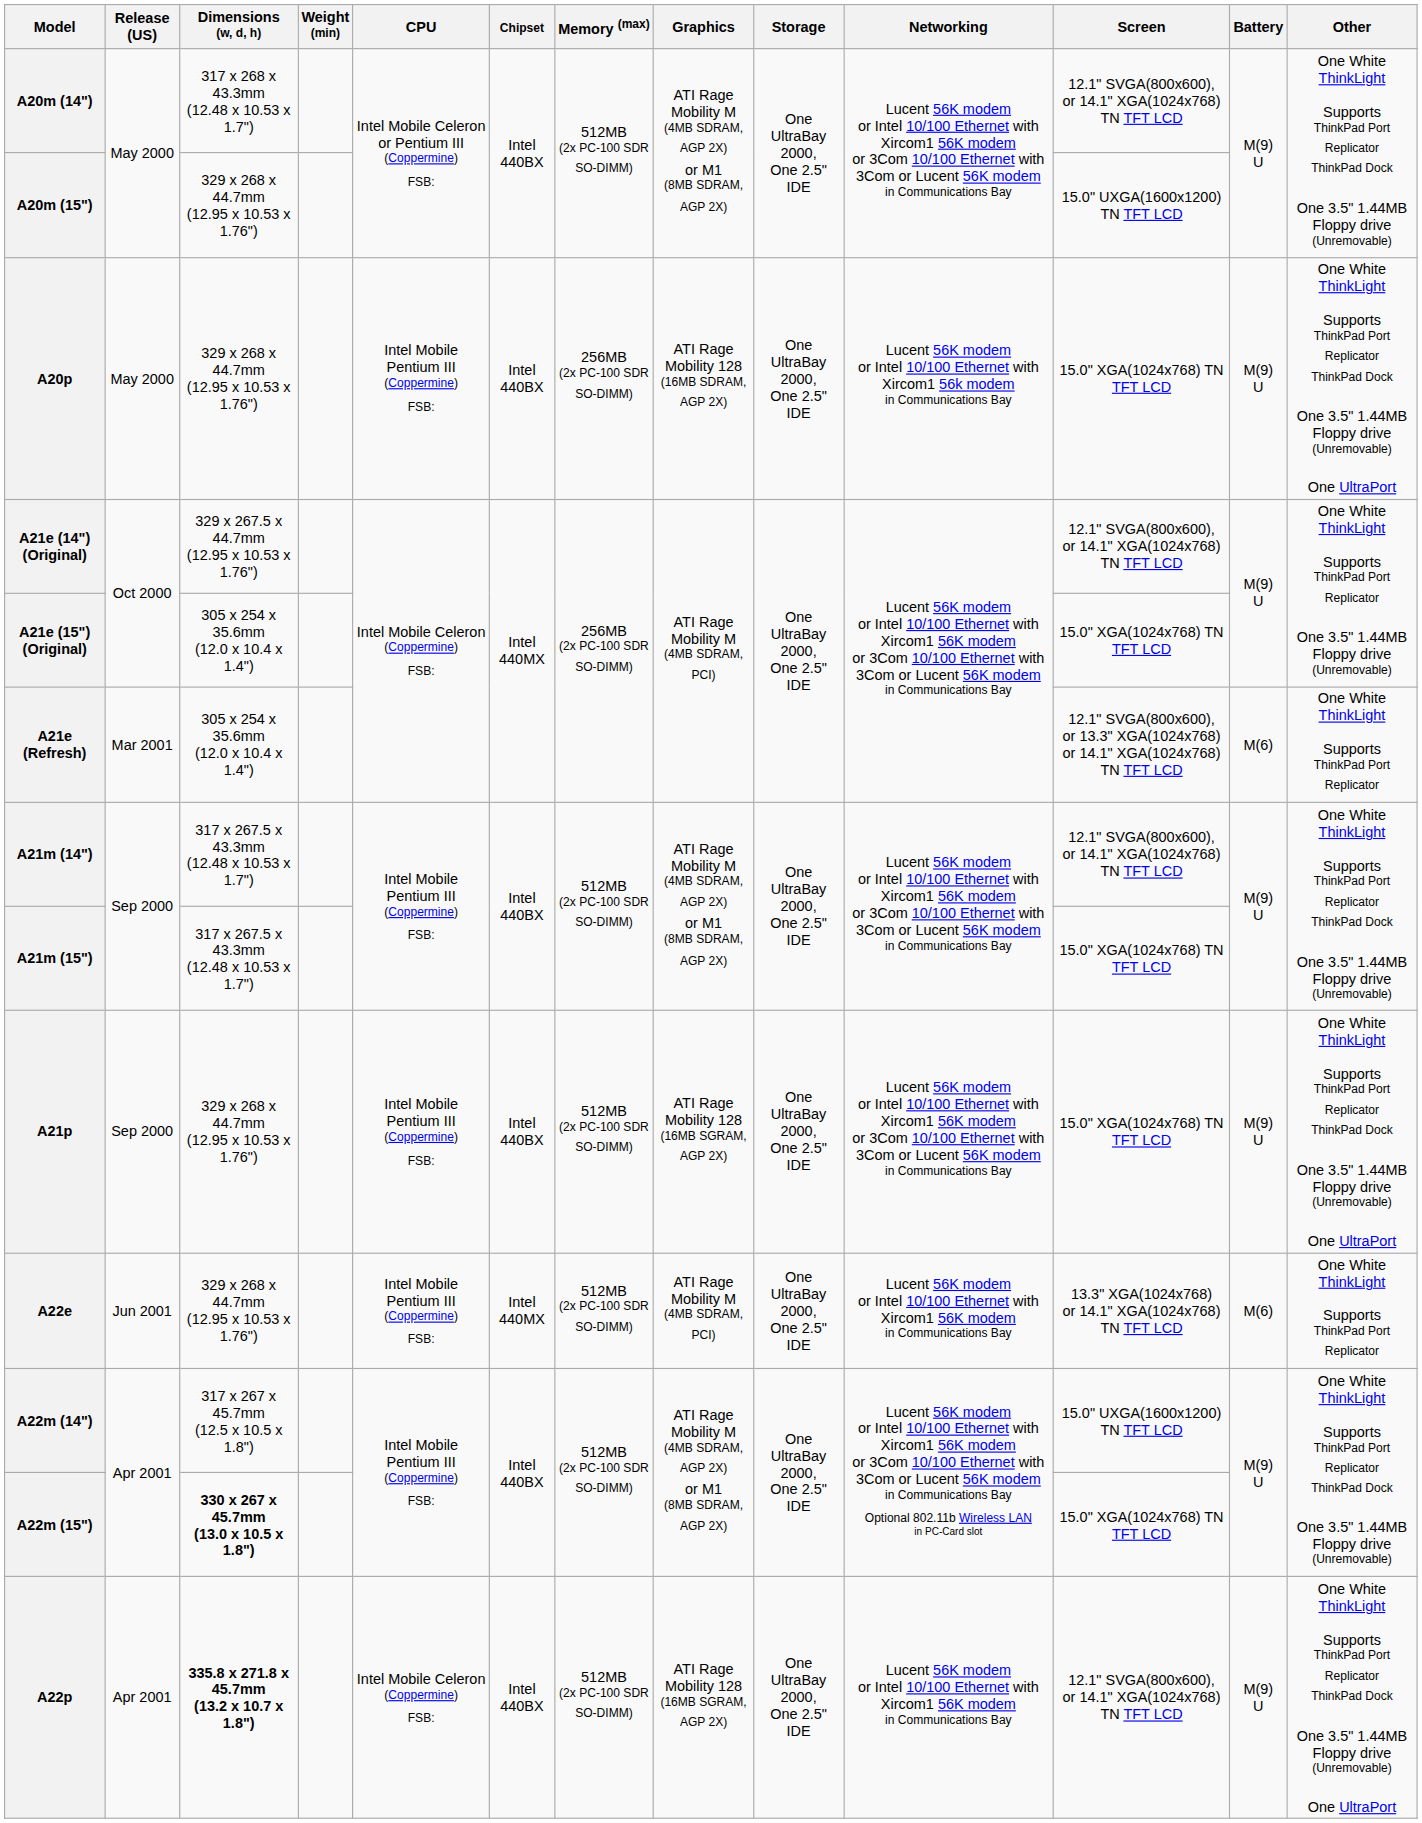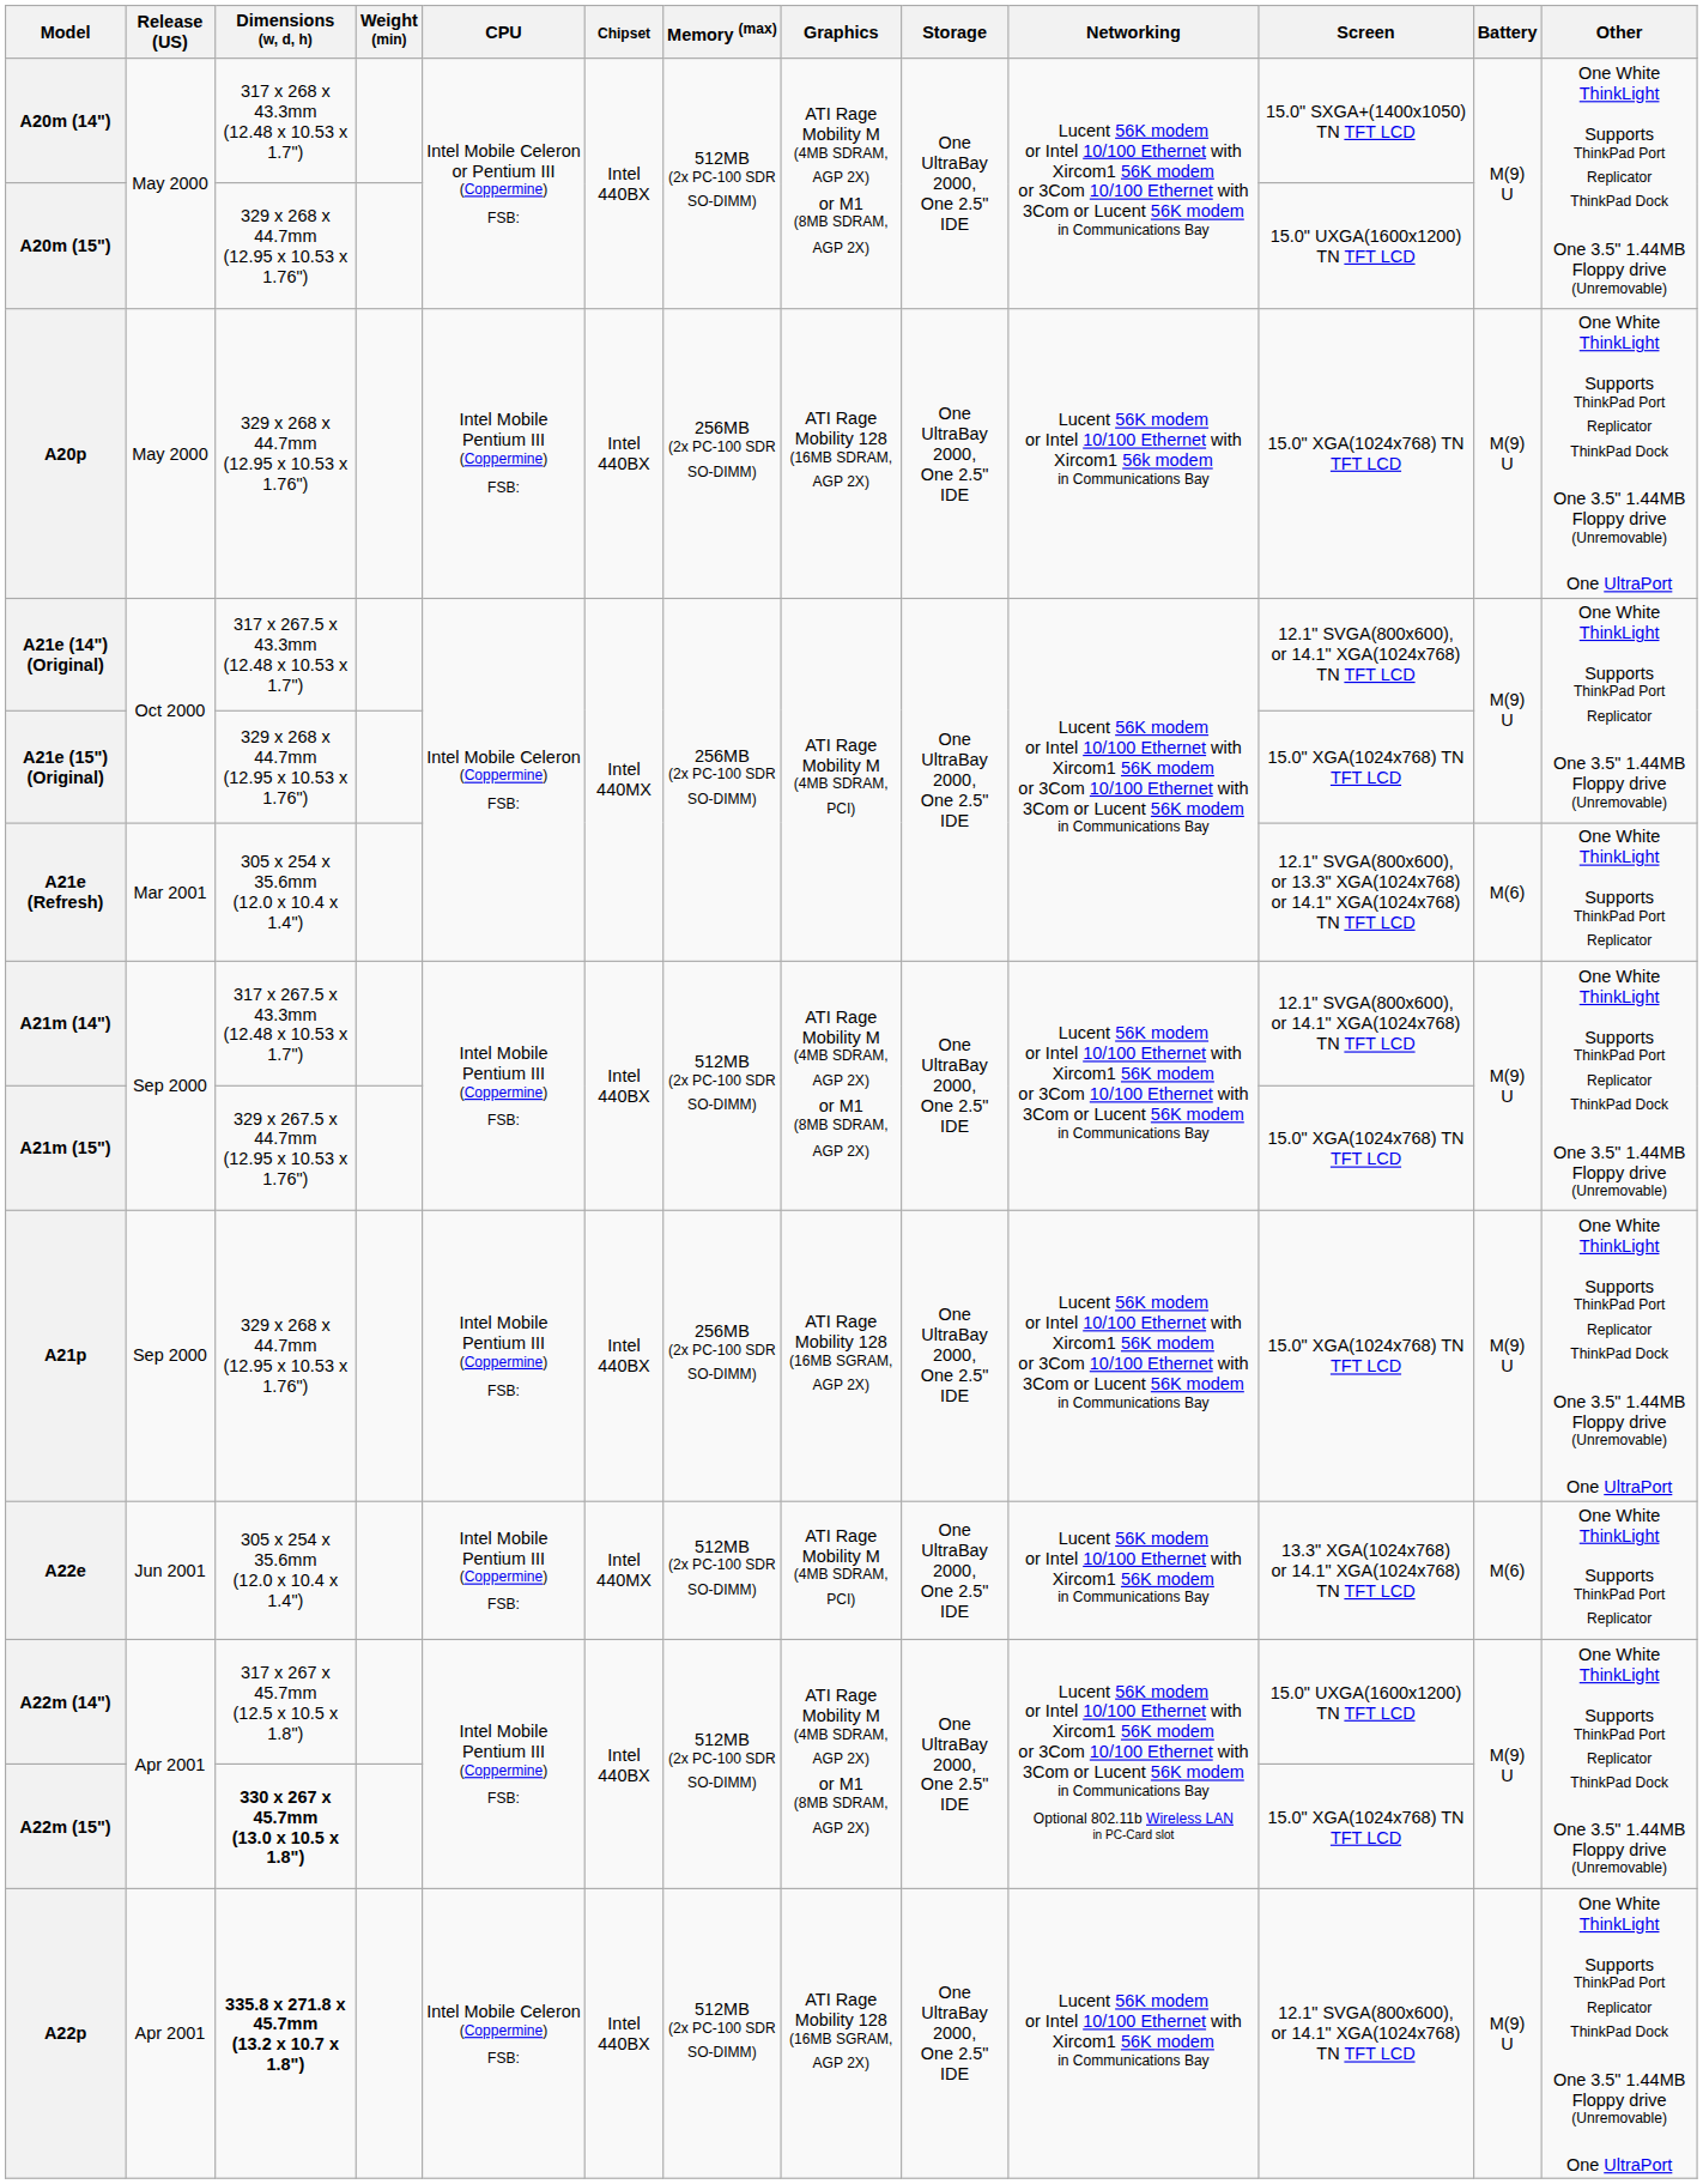 <table class="wikitable" style="font-size: 80%; minwidth: 100%; text-align: center;">
 <tr>
 <th>Model</th>
 <th>Release (US)</th>
 <th>Dimensions <br><sup>(w, d, h)</sup></th>
 <th>Weight <br><sup>(min)</sup></th>
 <th>CPU</th>
 <th><small>Chipset</small></th>
 <th>Memory <sup>(max)</sup></th>
 <th>Graphics</th>
 <th>Storage</th>
 <th>Networking</th>
 <th>Screen</th>
 <th>Battery</th>
 <th>Other</th>
 </tr>
 <tr>
 <th>A20m (14")</th>
 <td rowspan="2">May 2000</td>
 <td>317 x 268 x 43.3mm <br>(12.48 x 10.53 x 1.7")</td>
 <td></td>
 <td rowspan="2" style="background:">Intel Mobile Celeron or Pentium III <br><sup>(<a href='#'>Coppermine</a>)</sup> <br><small>FSB: </small></td>
 <td rowspan="2">Intel 440BX</td>
 <td rowspan="2" style="background:">512MB <br><sup>(2x PC-100 SDR SO-DIMM)</sup></td>
 <td rowspan="2" style="background:">ATI Rage Mobility M <br><sup>(4MB SDRAM, AGP 2X)</sup> <br>or M1 <br><sup>(8MB SDRAM, AGP 2X)</sup></td>
 <td rowspan="2" style="background:">One UltraBay 2000, <br> One 2.5" IDE</td>
 <td rowspan="2">Lucent <a href='#'>56K modem</a> <br>or Intel <a href='#'>10/100 Ethernet</a> with Xircom1 <a href='#'>56K modem</a> <br>or 3Com <a href='#'>10/100 Ethernet</a> with 3Com or Lucent <a href='#'>56K modem</a> <br><sup>in Communications Bay</sup></td>
-<td style="background:">12.1" SVGA(800x600), <br>or 14.1" XGA(1024x768) TN <a href='#'>TFT LCD</a></td>
+<td style="background:">15.0" SXGA+(1400x1050) TN <a href='#'>TFT LCD</a></td>
 <td rowspan="2" style="background:">M(9) <br>U</td>
 <td rowspan="2">One White <a href='#'>ThinkLight</a> <br><br>Supports <br><sup>ThinkPad Port Replicator <br>ThinkPad Dock</sup> <br><br>One 3.5" 1.44MB Floppy drive <br><sup>(Unremovable)</sup></td>
 </tr>
 <tr>
 <th>A20m (15")</th>
 <td>329 x 268 x 44.7mm <br>(12.95 x 10.53 x 1.76")</td>
 <td></td>
 <td style="background:">15.0" UXGA(1600x1200) TN <a href='#'>TFT LCD</a></td>
 </tr>
 <tr>
 <th>A20p</th>
 <td>May 2000</td>
 <td>329 x 268 x 44.7mm <br>(12.95 x 10.53 x 1.76")</td>
 <td></td>
 <td style="background:">Intel Mobile Pentium III <br><sup>(<a href='#'>Coppermine</a>)</sup> <br><small>FSB: </small></td>
 <td>Intel 440BX</td>
 <td style="background:">256MB <br><sup>(2x PC-100 SDR SO-DIMM)</sup></td>
 <td style="background:">ATI Rage Mobility 128 <br><sup>(16MB SDRAM, AGP 2X)</sup></td>
 <td style="background:">One UltraBay 2000, <br> One 2.5" IDE</td>
 <td>Lucent <a href='#'>56K modem</a> <br>or Intel <a href='#'>10/100 Ethernet</a> with Xircom1 <a href='#'>56k modem</a> <br><sup>in Communications Bay</sup></td>
 <td style="background:">15.0" XGA(1024x768) TN <a href='#'>TFT LCD</a></td>
 <td style="background:">M(9) <br>U</td>
 <td>One White <a href='#'>ThinkLight</a> <br><br>Supports <br><sup>ThinkPad Port Replicator <br>ThinkPad Dock</sup> <br><br>One 3.5" 1.44MB Floppy drive <br><sup>(Unremovable)</sup> <br><br>One <a href='#'>UltraPort</a></td>
 </tr>
 <tr>
 <th>A21e (14") (Original)</th>
 <td rowspan="2">Oct 2000</td>
-<td>329 x 267.5 x 44.7mm <br>(12.95 x 10.53 x 1.76")</td>
+<td>317 x 267.5 x 43.3mm <br>(12.48 x 10.53 x 1.7")</td>
 <td></td>
 <td rowspan="3" style="background:">Intel Mobile Celeron <br><sup>(<a href='#'>Coppermine</a>)</sup> <br><small>FSB: </small></td>
 <td rowspan="3">Intel 440MX</td>
 <td rowspan="3" style="background:">256MB <br><sup>(2x PC-100 SDR SO-DIMM)</sup></td>
 <td rowspan="3" style="background:">ATI Rage Mobility M <br><sup>(4MB SDRAM, PCI)</sup></td>
 <td rowspan="3" style="background:">One UltraBay 2000, <br> One 2.5" IDE</td>
 <td rowspan="3">Lucent <a href='#'>56K modem</a> <br>or Intel <a href='#'>10/100 Ethernet</a> with Xircom1 <a href='#'>56K modem</a> <br>or 3Com <a href='#'>10/100 Ethernet</a> with 3Com or Lucent <a href='#'>56K modem</a> <br><sup>in Communications Bay</sup></td>
 <td style="background:">12.1" SVGA(800x600), <br>or 14.1" XGA(1024x768) TN <a href='#'>TFT LCD</a></td>
 <td rowspan="2" style="background:">M(9) <br>U</td>
 <td rowspan="2">One White <a href='#'>ThinkLight</a> <br><br>Supports <br><sup>ThinkPad Port Replicator</sup> <br><br>One 3.5" 1.44MB Floppy drive <br><sup>(Unremovable)</sup></td>
 </tr>
 <tr>
 <th>A21e (15") (Original)</th>
-<td>305 x 254 x 35.6mm <br>(12.0 x 10.4 x 1.4")</td>
+<td>329 x 268 x 44.7mm <br>(12.95 x 10.53 x 1.76")</td>
 <td></td>
 <td style="background:">15.0" XGA(1024x768) TN <a href='#'>TFT LCD</a></td>
 </tr>
 <tr>
 <th>A21e (Refresh)</th>
 <td>Mar 2001</td>
 <td>305 x 254 x 35.6mm <br>(12.0 x 10.4 x 1.4")</td>
 <td></td>
 <td style="background:">12.1" SVGA(800x600), <br> or 13.3" XGA(1024x768) <br>or 14.1" XGA(1024x768) TN <a href='#'>TFT LCD</a></td>
 <td style="background:">M(6)</td>
 <td>One White <a href='#'>ThinkLight</a> <br><br>Supports <br><sup>ThinkPad Port Replicator</sup></td>
 </tr>
 <tr>
 <th>A21m (14")</th>
 <td rowspan="2">Sep 2000</td>
 <td>317 x 267.5 x 43.3mm <br>(12.48 x 10.53 x 1.7")</td>
 <td></td>
 <td rowspan="2" style="background:">Intel Mobile Pentium III <br><sup>(<a href='#'>Coppermine</a>)</sup> <br><small>FSB: </small></td>
 <td rowspan="2">Intel 440BX</td>
 <td rowspan="2" style="background:">512MB <br><sup>(2x PC-100 SDR SO-DIMM)</sup></td>
 <td rowspan="2" style="background:">ATI Rage Mobility M <br><sup>(4MB SDRAM, AGP 2X)</sup> <br>or M1 <br><sup>(8MB SDRAM, AGP 2X)</sup></td>
 <td rowspan="2" style="background:">One UltraBay 2000, <br> One 2.5" IDE</td>
 <td rowspan="2">Lucent <a href='#'>56K modem</a> <br>or Intel <a href='#'>10/100 Ethernet</a> with Xircom1 <a href='#'>56K modem</a> <br>or 3Com <a href='#'>10/100 Ethernet</a> with 3Com or Lucent <a href='#'>56K modem</a> <br><sup>in Communications Bay</sup></td>
 <td style="background:">12.1" SVGA(800x600), <br>or 14.1" XGA(1024x768) TN <a href='#'>TFT LCD</a></td>
 <td rowspan="2" style="background:">M(9) <br>U</td>
 <td rowspan="2">One White <a href='#'>ThinkLight</a> <br><br>Supports <br><sup>ThinkPad Port Replicator <br>ThinkPad Dock</sup> <br><br>One 3.5" 1.44MB Floppy drive <br><sup>(Unremovable)</sup></td>
 </tr>
 <tr>
 <th>A21m (15")</th>
-<td>317 x 267.5 x 43.3mm <br>(12.48 x 10.53 x 1.7")</td>
+<td>329 x 267.5 x 44.7mm <br>(12.95 x 10.53 x 1.76")</td>
 <td></td>
 <td style="background:">15.0" XGA(1024x768) TN <a href='#'>TFT LCD</a></td>
 </tr>
 <tr>
 <th>A21p</th>
 <td>Sep 2000</td>
 <td>329 x 268 x 44.7mm <br>(12.95 x 10.53 x 1.76")</td>
 <td></td>
 <td style="background:">Intel Mobile Pentium III <br><sup>(<a href='#'>Coppermine</a>)</sup> <br><small>FSB: </small></td>
 <td>Intel 440BX</td>
-<td style="background:">512MB <br><sup>(2x PC-100 SDR SO-DIMM)</sup></td>
+<td style="background:">256MB <br><sup>(2x PC-100 SDR SO-DIMM)</sup></td>
 <td style="background:">ATI Rage Mobility 128 <br><sup>(16MB SGRAM, AGP 2X)</sup></td>
 <td style="background:">One UltraBay 2000, <br> One 2.5" IDE</td>
 <td>Lucent <a href='#'>56K modem</a> <br>or Intel <a href='#'>10/100 Ethernet</a> with Xircom1 <a href='#'>56K modem</a> <br>or 3Com <a href='#'>10/100 Ethernet</a> with 3Com or Lucent <a href='#'>56K modem</a> <br><sup>in Communications Bay</sup></td>
 <td style="background:">15.0" XGA(1024x768) TN <a href='#'>TFT LCD</a></td>
 <td style="background:">M(9) <br>U</td>
 <td>One White <a href='#'>ThinkLight</a> <br><br>Supports <br><sup>ThinkPad Port Replicator <br>ThinkPad Dock</sup> <br><br>One 3.5" 1.44MB Floppy drive <br><sup>(Unremovable)</sup> <br><br>One <a href='#'>UltraPort</a></td>
 </tr>
 <tr>
 <th>A22e</th>
 <td>Jun 2001</td>
-<td>329 x 268 x 44.7mm <br>(12.95 x 10.53 x 1.76")</td>
+<td>305 x 254 x 35.6mm <br>(12.0 x 10.4 x 1.4")</td>
 <td></td>
 <td style="background:">Intel Mobile Pentium III <br><sup>(<a href='#'>Coppermine</a>)</sup> <br><small>FSB: </small></td>
 <td>Intel 440MX</td>
 <td style="background:">512MB <br><sup>(2x PC-100 SDR SO-DIMM)</sup></td>
 <td style="background:">ATI Rage Mobility M <br><sup>(4MB SDRAM, PCI)</sup></td>
 <td style="background:">One UltraBay 2000, <br> One 2.5" IDE</td>
 <td>Lucent <a href='#'>56K modem</a> <br>or Intel <a href='#'>10/100 Ethernet</a> with Xircom1 <a href='#'>56K modem</a> <br><sup>in Communications Bay</sup></td>
 <td style="background:">13.3" XGA(1024x768) <br>or 14.1" XGA(1024x768) TN <a href='#'>TFT LCD</a></td>
 <td style="background:">M(6) </td>
 <td>One White <a href='#'>ThinkLight</a> <br><br>Supports <br><sup>ThinkPad Port Replicator</sup></td>
 </tr>
 <tr>
 <th>A22m (14")</th>
 <td rowspan="2">Apr 2001</td>
 <td>317 x 267 x 45.7mm <br>(12.5 x 10.5 x 1.8")</td>
 <td></td>
 <td rowspan="2" style="background:">Intel Mobile Pentium III <br><sup>(<a href='#'>Coppermine</a>)</sup> <br><small>FSB: </small></td>
 <td rowspan="2">Intel 440BX</td>
 <td rowspan="2" style="background:">512MB <br><sup>(2x PC-100 SDR SO-DIMM)</sup></td>
 <td rowspan="2" style="background:">ATI Rage Mobility M <br><sup>(4MB SDRAM, AGP 2X)</sup> <br>or M1 <br><sup>(8MB SDRAM, AGP 2X)</sup></td>
 <td rowspan="2" style="background:">One UltraBay 2000, <br> One 2.5" IDE</td>
 <td rowspan="2">Lucent <a href='#'>56K modem</a> <br>or Intel <a href='#'>10/100 Ethernet</a> with Xircom1 <a href='#'>56K modem</a> <br>or 3Com <a href='#'>10/100 Ethernet</a> with 3Com or Lucent <a href='#'>56K modem</a> <br><sup>in Communications Bay</sup> <br><small>Optional 802.11b <a href='#'>Wireless LAN</a> <br><sup>in PC-Card slot</sup></small></td>
 <td style="background:">15.0" UXGA(1600x1200) TN <a href='#'>TFT LCD</a></td>
 <td rowspan="2" style="background:">M(9) <br>U</td>
 <td rowspan="2">One White <a href='#'>ThinkLight</a> <br><br>Supports <br><sup>ThinkPad Port Replicator <br>ThinkPad Dock</sup> <br><br>One 3.5" 1.44MB Floppy drive <br><sup>(Unremovable)</sup></td>
 </tr>
 <tr>
 <th>A22m (15")</th>
 <td><strong>330 x 267 x 45.7mm <br>(13.0 x 10.5 x 1.8")</strong></td>
 <td></td>
 <td style="background:">15.0" XGA(1024x768) TN <a href='#'>TFT LCD</a></td>
 </tr>
 <tr>
 <th>A22p</th>
 <td>Apr 2001</td>
 <td><strong>335.8 x 271.8 x 45.7mm <br>(13.2 x 10.7 x 1.8")</strong></td>
 <td></td>
 <td style="background:">Intel Mobile Celeron <br><sup>(<a href='#'>Coppermine</a>)</sup> <br><small>FSB: </small></td>
 <td>Intel 440BX</td>
 <td style="background:">512MB <br><sup>(2x PC-100 SDR SO-DIMM)</sup></td>
 <td style="background:">ATI Rage Mobility 128 <br><sup>(16MB SGRAM, AGP 2X)</sup></td>
 <td style="background:">One UltraBay 2000, <br> One 2.5" IDE</td>
 <td>Lucent <a href='#'>56K modem</a> <br>or Intel <a href='#'>10/100 Ethernet</a> with Xircom1 <a href='#'>56K modem</a> <br><sup>in Communications Bay</sup></td>
 <td style="background:">12.1" SVGA(800x600), <br>or 14.1" XGA(1024x768) TN <a href='#'>TFT LCD</a></td>
 <td style="background:">M(9) <br>U</td>
 <td>One White <a href='#'>ThinkLight</a> <br><br>Supports <br><sup>ThinkPad Port Replicator <br>ThinkPad Dock</sup> <br><br>One 3.5" 1.44MB Floppy drive <br><sup>(Unremovable)</sup> <br><br>One <a href='#'>UltraPort</a></td>
 </tr>
 </table>
